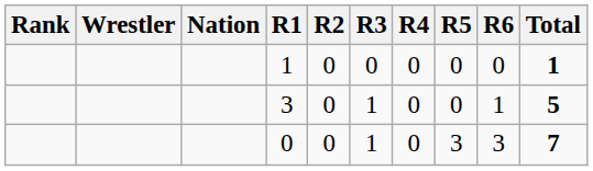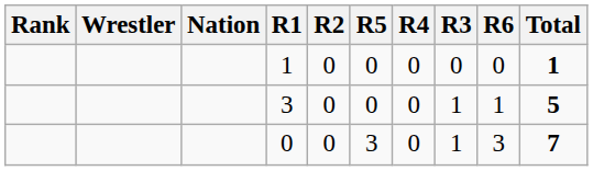 <table class="wikitable sortable" style="text-align:center;">
 <tr>
 <th>Rank</th>
 <th>Wrestler</th>
 <th>Nation</th>
 <th>R1</th>
 <th>R2</th>
+<th>R5</th>
+<th>R4</th>
 <th>R3</th>
-<th>R4</th>
-<th>R5</th>
 <th>R6</th>
 <th>Total</th>
 </tr>
 <tr>
 <td></td>
 <td align=left></td>
 <td align=left></td>
 <td>1</td>
 <td>0</td>
 <td>0</td>
 <td>0</td>
 <td>0</td>
 <td>0</td>
 <td><strong>1</strong></td>
 </tr>
 <tr>
 <td></td>
 <td align=left></td>
 <td align=left></td>
 <td>3</td>
 <td>0</td>
-<td>1</td>
 <td>0</td>
 <td>0</td>
+<td>1</td>
 <td>1</td>
 <td><strong>5</strong></td>
 </tr>
 <tr>
 <td></td>
 <td align=left></td>
 <td align=left></td>
 <td>0</td>
 <td>0</td>
+<td>3</td>
+<td>0</td>
 <td>1</td>
-<td>0</td>
-<td>3</td>
 <td>3</td>
 <td><strong>7</strong></td>
 </tr>
 </table>
